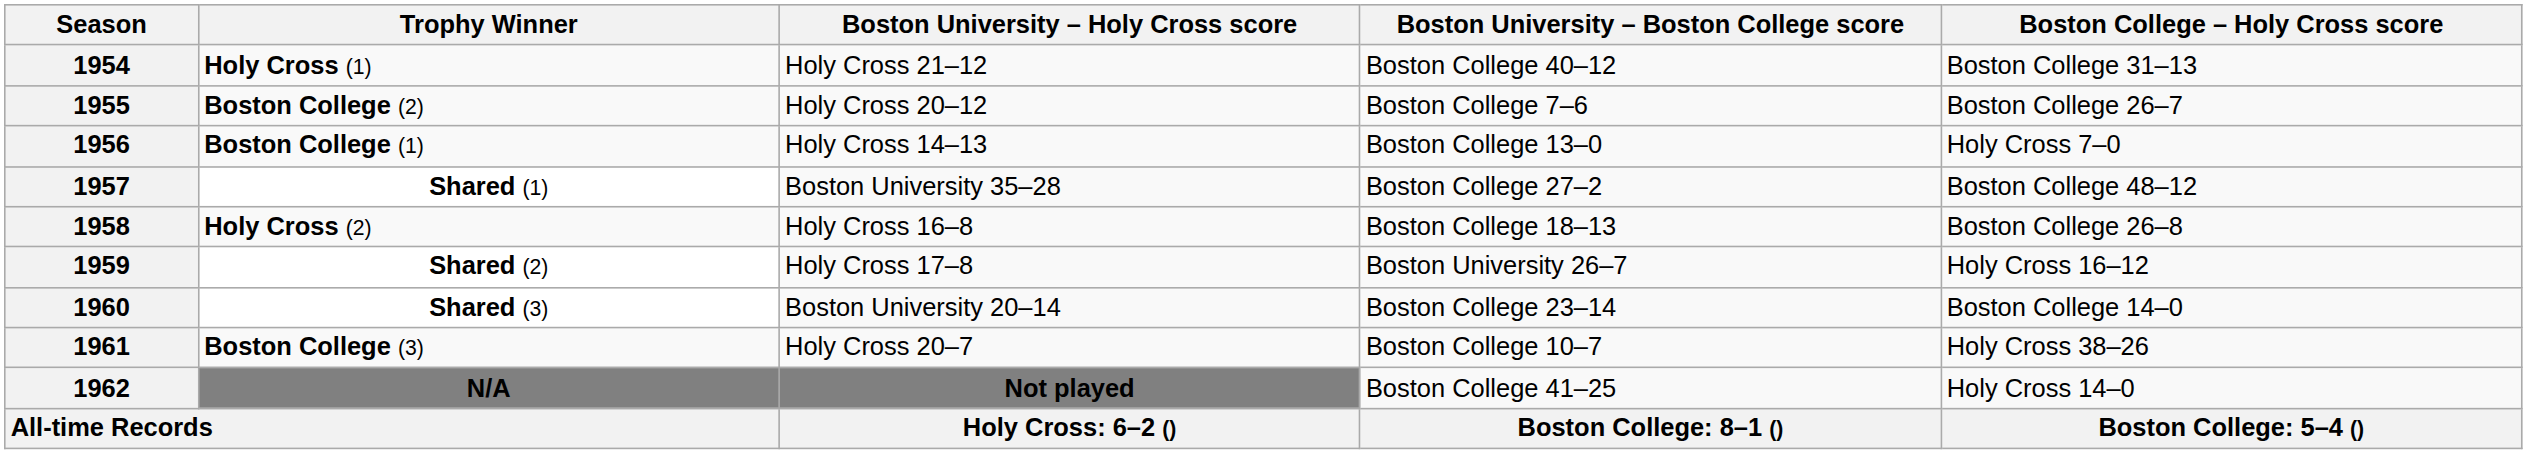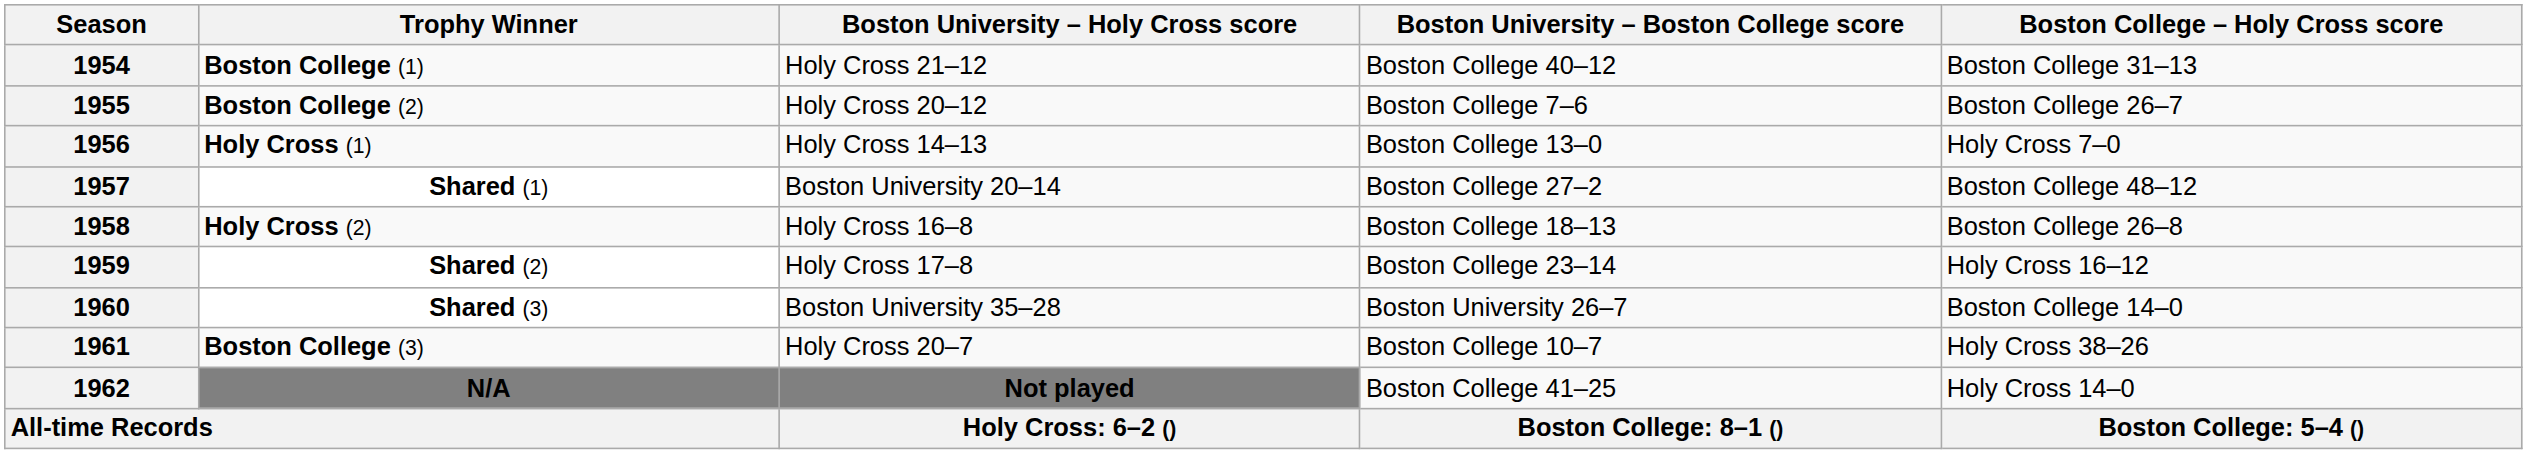 <table class="wikitable" style="margin: 1em auto 1em auto" width="100%">
 <tr>
 <th width="5%">Season</th>
 <th width="15%">Trophy Winner</th>
 <th width="15%">Boston University – Holy Cross score</th>
 <th width="15%">Boston University – Boston College score</th>
 <th width="15%">Boston College – Holy Cross score</th>
 </tr>
 <tr>
 <th>1954</th>
-<td><strong>Holy Cross</strong> <small>(1)</small></td>
+<td><strong>Boston College</strong> <small>(1)</small></td>
 <td>Holy Cross 21–12</td>
 <td>Boston College 40–12</td>
 <td>Boston College 31–13</td>
 </tr>
 <tr>
 <th>1955</th>
 <td><strong>Boston College</strong> <small>(2)</small></td>
 <td>Holy Cross 20–12</td>
 <td>Boston College 7–6</td>
 <td>Boston College 26–7</td>
 </tr>
 <tr>
 <th>1956</th>
-<td><strong>Boston College</strong> <small>(1)</small></td>
+<td><strong>Holy Cross</strong> <small>(1)</small></td>
 <td>Holy Cross 14–13</td>
 <td>Boston College 13–0</td>
 <td>Holy Cross 7–0</td>
 </tr>
 <tr>
 <th>1957</th>
 <td style="background: white; color: black; text-align:center;"><strong>Shared</strong> <small>(1)</small></td>
-<td>Boston University 35–28</td>
+<td>Boston University 20–14</td>
 <td>Boston College 27–2</td>
 <td>Boston College 48–12</td>
 </tr>
 <tr>
 <th>1958</th>
 <td><strong>Holy Cross</strong> <small>(2)</small></td>
 <td>Holy Cross 16–8</td>
 <td>Boston College 18–13</td>
 <td>Boston College 26–8</td>
 </tr>
 <tr>
 <th>1959</th>
 <td style="background: white; color: black; text-align:center;"><strong>Shared</strong> <small>(2)</small></td>
 <td>Holy Cross 17–8</td>
-<td>Boston University 26–7</td>
+<td>Boston College 23–14</td>
 <td>Holy Cross 16–12</td>
 </tr>
 <tr>
 <th>1960</th>
 <td style="background: white; color: black; text-align:center;"><strong>Shared</strong> <small>(3)</small></td>
-<td>Boston University 20–14</td>
-<td>Boston College 23–14</td>
+<td>Boston University 35–28</td>
+<td>Boston University 26–7</td>
 <td>Boston College 14–0</td>
 </tr>
 <tr>
 <th>1961</th>
 <td><strong>Boston College</strong> <small>(3)</small></td>
 <td>Holy Cross 20–7</td>
 <td>Boston College 10–7</td>
 <td>Holy Cross 38–26</td>
 </tr>
 <tr>
 <th>1962</th>
 <td style="background: grey; color: black; text-align:center;"><strong>N/A</strong></td>
 <td style="background: grey; color: black; text-align:center;"><strong>Not played</strong></td>
 <td>Boston College 41–25</td>
 <td>Holy Cross 14–0</td>
 </tr>
 <tr>
 <th colspan="2" style="text-align: left;" align="right">All-time Records</th>
 <th>Holy Cross: 6–2 <small>()</small></th>
 <th>Boston College: 8–1 <small>()</small></th>
 <th>Boston College: 5–4 <small>()</small></th>
 </tr>
 </table>
